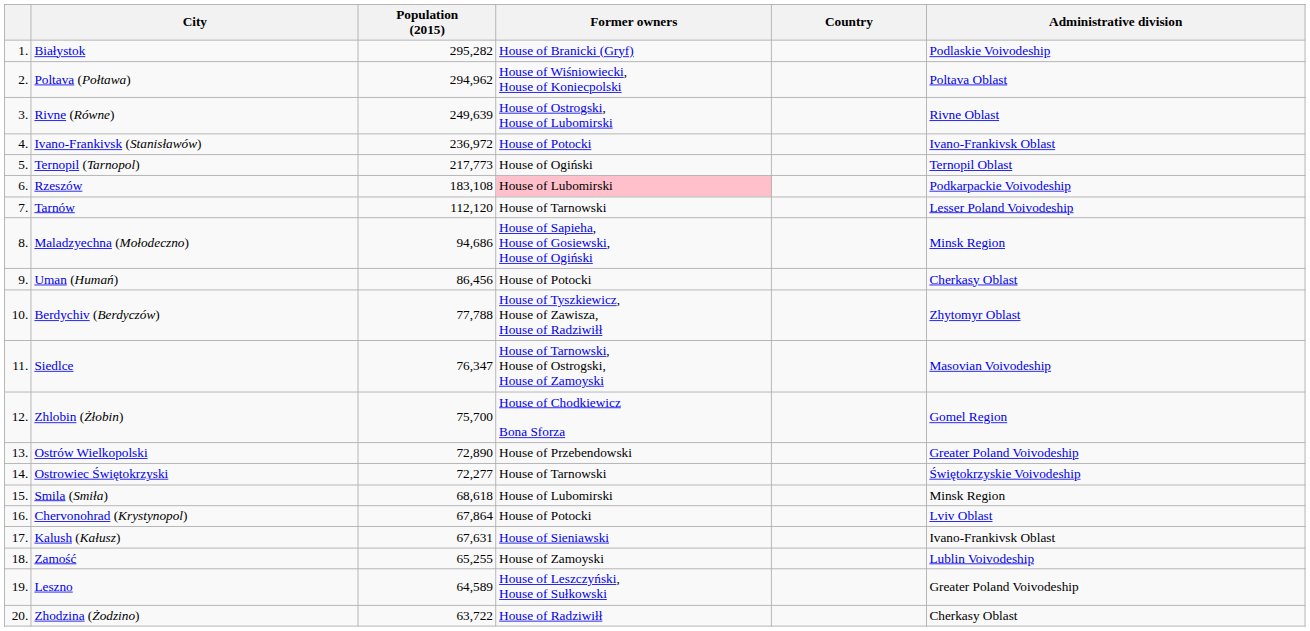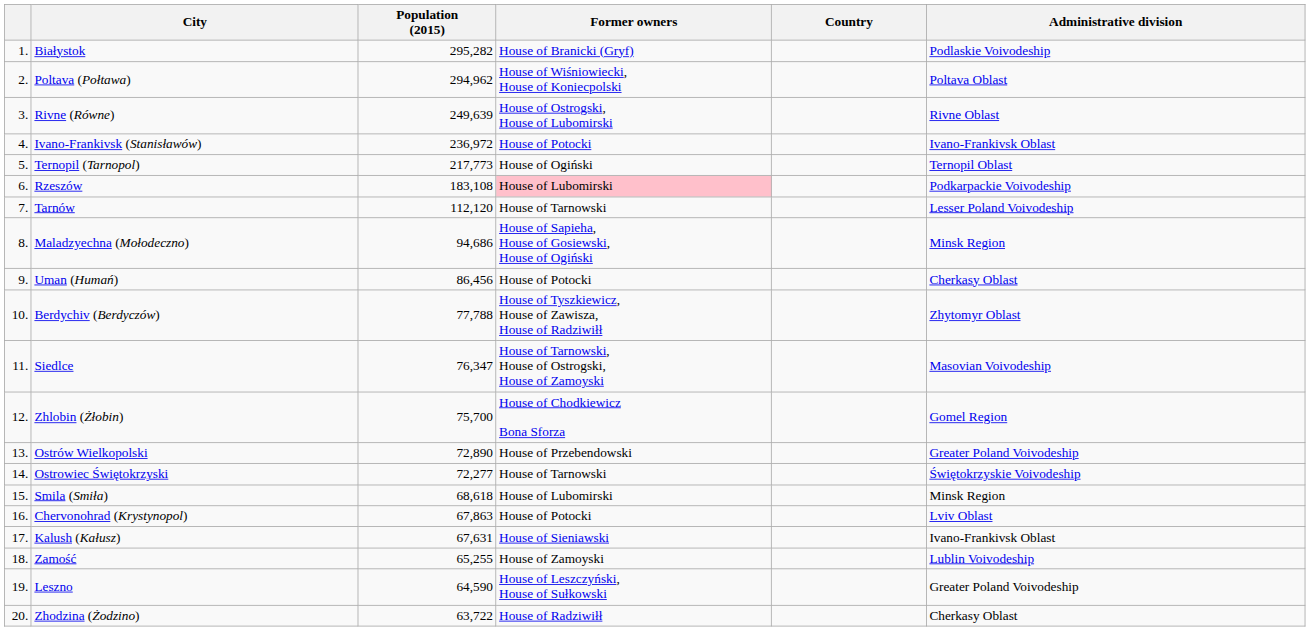 <table class="wikitable sortable" style="text-align:left">
 <tr>
 <th style="width:1%;"></th>
 <th style="width:19%;">City</th>
 <th style="width:8%;">Population<br>(2015)</th>
 <th style="width:16%;">Former owners</th>
 <th style="width:9%;">Country</th>
 <th style="width:22%;">Administrative division</th>
 </tr>
 <tr>
 <td align="right">1.</td>
 <td><a href='#'>Białystok</a></td>
 <td align="right">295,282</td>
 <td><a href='#'>House of Branicki (Gryf)</a></td>
 <td></td>
 <td><a href='#'>Podlaskie Voivodeship</a></td>
 </tr>
 <tr>
 <td align="right">2.</td>
 <td><a href='#'>Poltava</a> (<em>Połtawa</em>)</td>
 <td align="right">294,962</td>
 <td><a href='#'>House of Wiśniowiecki</a>,<br><a href='#'>House of Koniecpolski</a></td>
 <td></td>
 <td><a href='#'>Poltava Oblast</a></td>
 </tr>
 <tr>
 <td align="right">3.</td>
 <td><a href='#'>Rivne</a> (<em>Równe</em>)</td>
 <td align="right">249,639</td>
 <td><a href='#'>House of Ostrogski</a>,<br><a href='#'>House of Lubomirski</a></td>
 <td></td>
 <td><a href='#'>Rivne Oblast</a></td>
 </tr>
 <tr>
 <td align="right">4.</td>
 <td><a href='#'>Ivano-Frankivsk</a> (<em>Stanisławów</em>)</td>
 <td align="right">236,972</td>
 <td><a href='#'>House of Potocki</a></td>
 <td></td>
 <td><a href='#'>Ivano-Frankivsk Oblast</a></td>
 </tr>
 <tr>
 <td align="right">5.</td>
 <td><a href='#'>Ternopil</a> (<em>Tarnopol</em>)</td>
 <td align="right">217,773</td>
 <td>House of Ogiński</td>
 <td></td>
 <td><a href='#'>Ternopil Oblast</a></td>
 </tr>
 <tr>
 <td align="right">6.</td>
 <td><a href='#'>Rzeszów</a></td>
 <td align="right">183,108</td>
 <td style="background: pink;">House of Lubomirski</td>
 <td></td>
 <td><a href='#'>Podkarpackie Voivodeship</a></td>
 </tr>
 <tr>
 <td align="right">7.</td>
 <td><a href='#'>Tarnów</a></td>
 <td align="right">112,120</td>
 <td>House of Tarnowski</td>
 <td></td>
 <td><a href='#'>Lesser Poland Voivodeship</a></td>
 </tr>
 <tr>
 <td align="right">8.</td>
 <td><a href='#'>Maladzyechna</a> (<em>Mołodeczno</em>)</td>
 <td align="right">94,686</td>
 <td><a href='#'>House of Sapieha</a>,<br><a href='#'>House of Gosiewski</a>,<br><a href='#'>House of Ogiński</a></td>
 <td></td>
 <td><a href='#'>Minsk Region</a></td>
 </tr>
 <tr>
 <td align="right">9.</td>
 <td><a href='#'>Uman</a> (<em>Humań</em>)</td>
 <td align="right">86,456</td>
 <td>House of Potocki</td>
 <td></td>
 <td><a href='#'>Cherkasy Oblast</a></td>
 </tr>
 <tr>
 <td align="right">10.</td>
 <td><a href='#'>Berdychiv</a> (<em>Berdyczów</em>)</td>
 <td align="right">77,788</td>
 <td><a href='#'>House of Tyszkiewicz</a>,<br>House of Zawisza,<br><a href='#'>House of Radziwiłł</a></td>
 <td></td>
 <td><a href='#'>Zhytomyr Oblast</a></td>
 </tr>
 <tr>
 <td align="right">11.</td>
 <td><a href='#'>Siedlce</a></td>
 <td align="right">76,347</td>
 <td><a href='#'>House of Tarnowski</a>,<br>House of Ostrogski,<br><a href='#'>House of Zamoyski</a></td>
 <td></td>
 <td><a href='#'>Masovian Voivodeship</a></td>
 </tr>
 <tr>
 <td align="right">12.</td>
 <td><a href='#'>Zhlobin</a> (<em>Żłobin</em>)</td>
 <td align="right">75,700</td>
 <td><a href='#'>House of Chodkiewicz</a><br><br><a href='#'>Bona Sforza</a></td>
 <td></td>
 <td><a href='#'>Gomel Region</a></td>
 </tr>
 <tr>
 <td align="right">13.</td>
 <td><a href='#'>Ostrów Wielkopolski</a></td>
 <td align="right">72,890</td>
 <td>House of Przebendowski</td>
 <td></td>
 <td><a href='#'>Greater Poland Voivodeship</a></td>
 </tr>
 <tr>
 <td align="right">14.</td>
 <td><a href='#'>Ostrowiec Świętokrzyski</a></td>
 <td align="right">72,277</td>
 <td>House of Tarnowski</td>
 <td></td>
 <td><a href='#'>Świętokrzyskie Voivodeship</a></td>
 </tr>
 <tr>
 <td align="right">15.</td>
 <td><a href='#'>Smila</a> (<em>Smiła</em>)</td>
 <td align="right">68,618</td>
 <td>House of Lubomirski</td>
 <td></td>
 <td>Minsk Region</td>
 </tr>
 <tr>
 <td align="right">16.</td>
 <td><a href='#'>Chervonohrad</a> (<em>Krystynopol</em>)</td>
-<td align="right">67,864</td>
+<td align="right">67,863</td>
 <td>House of Potocki</td>
 <td></td>
 <td><a href='#'>Lviv Oblast</a></td>
 </tr>
 <tr>
 <td align="right">17.</td>
 <td><a href='#'>Kalush</a> (<em>Kałusz</em>)</td>
 <td align="right">67,631</td>
 <td><a href='#'>House of Sieniawski</a></td>
 <td></td>
 <td>Ivano-Frankivsk Oblast</td>
 </tr>
 <tr>
 <td align="right">18.</td>
 <td><a href='#'>Zamość</a></td>
 <td align="right">65,255</td>
 <td>House of Zamoyski</td>
 <td></td>
 <td><a href='#'>Lublin Voivodeship</a></td>
 </tr>
 <tr>
 <td align="right">19.</td>
 <td><a href='#'>Leszno</a></td>
-<td align="right">64,589</td>
+<td align="right">64,590</td>
 <td><a href='#'>House of Leszczyński</a>,<br><a href='#'>House of Sułkowski</a></td>
 <td></td>
 <td>Greater Poland Voivodeship</td>
 </tr>
 <tr>
 <td align="right">20.</td>
 <td><a href='#'>Zhodzina</a> (<em>Żodzino</em>)</td>
 <td align="right">63,722</td>
 <td><a href='#'>House of Radziwiłł</a></td>
 <td></td>
 <td>Cherkasy Oblast</td>
 </tr>
 </table>
